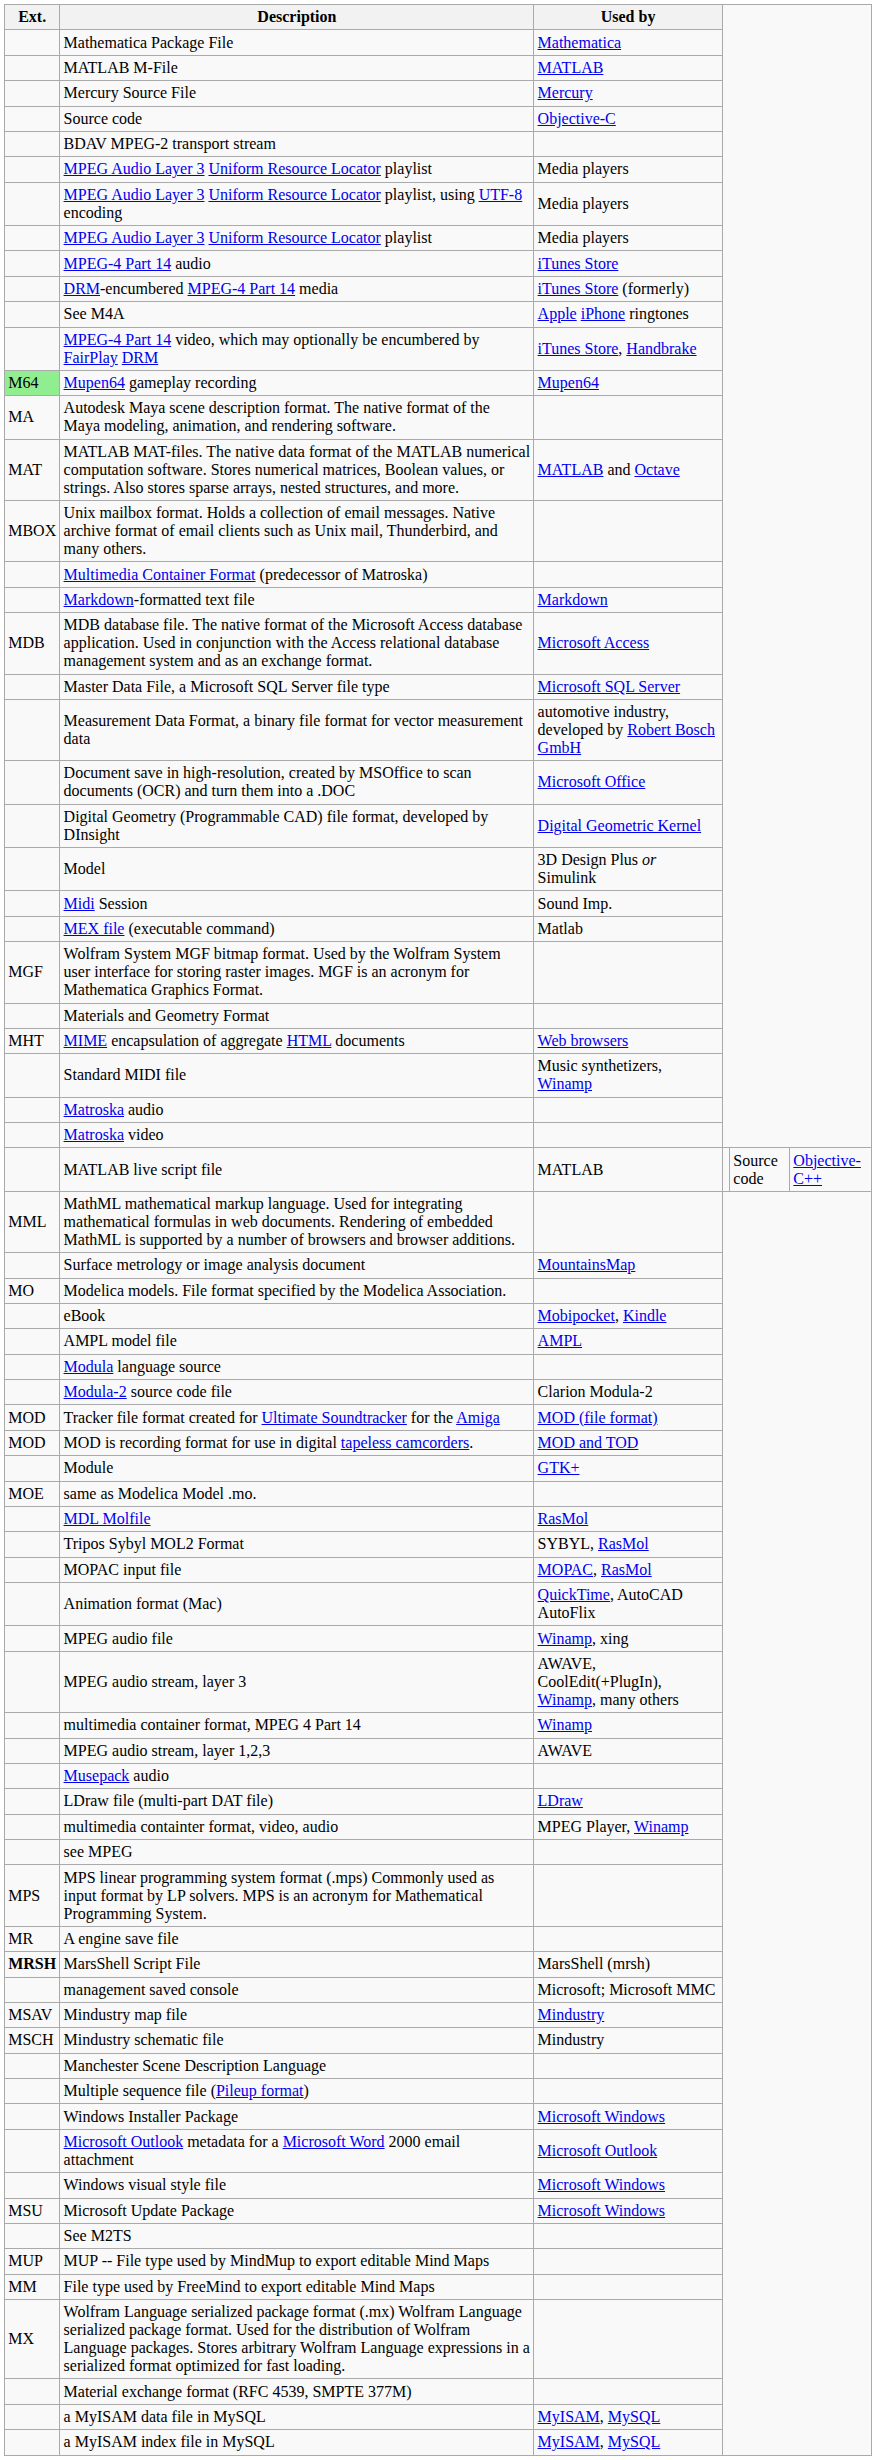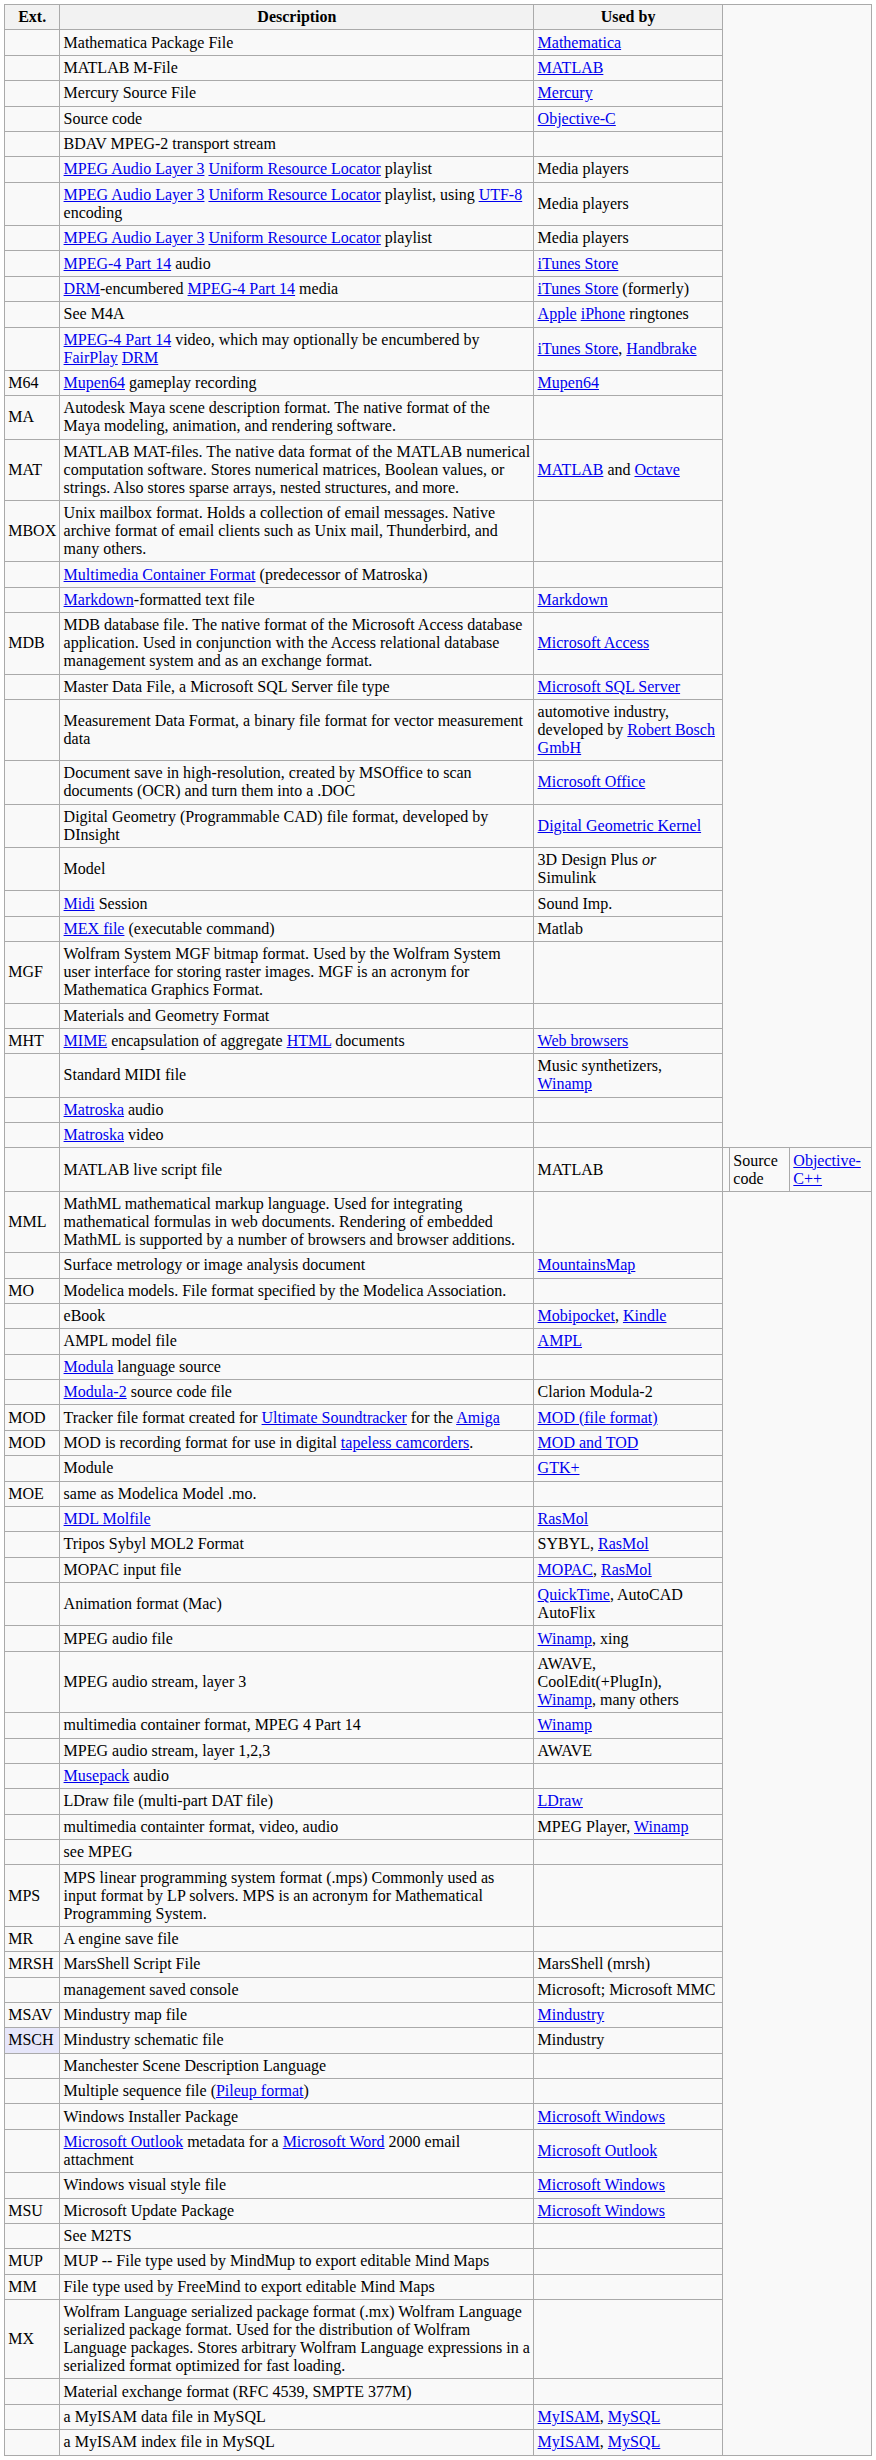 <table class="wikitable">
 <tr>
 <th scope="col">Ext.</th>
 <th scope="col">Description</th>
 <th scope="col">Used by</th>
 </tr>
 <tr>
 <td></td>
 <td>Mathematica Package File</td>
 <td><a href='#'>Mathematica</a></td>
 </tr>
 <tr>
 <td></td>
 <td>MATLAB M-File</td>
 <td><a href='#'>MATLAB</a></td>
 </tr>
 <tr>
 <td></td>
 <td>Mercury Source File</td>
 <td><a href='#'>Mercury</a></td>
 </tr>
 <tr>
 <td></td>
 <td>Source code</td>
 <td><a href='#'>Objective-C</a></td>
 </tr>
 <tr>
 <td></td>
 <td>BDAV MPEG-2 transport stream</td>
 <td></td>
 </tr>
 <tr>
 <td></td>
 <td><a href='#'>MPEG Audio Layer 3</a> <a href='#'>Uniform Resource Locator</a> playlist</td>
 <td>Media players</td>
 </tr>
 <tr>
 <td></td>
 <td><a href='#'>MPEG Audio Layer 3</a> <a href='#'>Uniform Resource Locator</a> playlist, using <a href='#'>UTF-8</a> encoding</td>
 <td>Media players</td>
 </tr>
 <tr>
 <td></td>
 <td><a href='#'>MPEG Audio Layer 3</a> <a href='#'>Uniform Resource Locator</a> playlist</td>
 <td>Media players</td>
 </tr>
 <tr>
 <td></td>
 <td><a href='#'>MPEG-4 Part 14</a> audio</td>
 <td><a href='#'>iTunes Store</a></td>
 </tr>
 <tr>
 <td></td>
 <td><a href='#'>DRM</a>-encumbered <a href='#'>MPEG-4 Part 14</a> media</td>
 <td><a href='#'>iTunes Store</a> (formerly)</td>
 </tr>
 <tr>
 <td></td>
 <td>See M4A</td>
 <td><a href='#'>Apple</a> <a href='#'>iPhone</a> ringtones</td>
 </tr>
 <tr>
 <td></td>
 <td><a href='#'>MPEG-4 Part 14</a> video, which may optionally be encumbered by <a href='#'>FairPlay</a> <a href='#'>DRM</a></td>
 <td><a href='#'>iTunes Store</a>, <a href='#'>Handbrake</a></td>
 </tr>
 <tr>
-<td style="background: lightgreen;">M64</td>
+<td>M64</td>
 <td><a href='#'>Mupen64</a> gameplay recording</td>
 <td><a href='#'>Mupen64</a></td>
 </tr>
 <tr>
 <td>MA</td>
 <td>Autodesk Maya scene description format. The native format of the Maya modeling, animation, and rendering software.</td>
 <td></td>
 </tr>
 <tr>
 <td>MAT</td>
 <td>MATLAB MAT-files. The native data format of the MATLAB numerical computation software. Stores numerical matrices, Boolean values, or strings. Also stores sparse arrays, nested structures, and more.</td>
 <td><a href='#'>MATLAB</a> and <a href='#'>Octave</a></td>
 </tr>
 <tr>
 <td>MBOX</td>
 <td>Unix mailbox format. Holds a collection of email messages. Native archive format of email clients such as Unix mail, Thunderbird, and many others.</td>
 <td></td>
 </tr>
 <tr>
 <td></td>
 <td><a href='#'>Multimedia Container Format</a> (predecessor of Matroska)</td>
 <td></td>
 </tr>
 <tr>
 <td></td>
 <td><a href='#'>Markdown</a>-formatted text file</td>
 <td><a href='#'>Markdown</a></td>
 </tr>
 <tr>
 <td>MDB</td>
 <td>MDB database file. The native format of the Microsoft Access database application. Used in conjunction with the Access relational database management system and as an exchange format.</td>
 <td><a href='#'>Microsoft Access</a></td>
 </tr>
 <tr>
 <td></td>
 <td>Master Data File, a Microsoft SQL Server file type</td>
 <td><a href='#'>Microsoft SQL Server</a></td>
 </tr>
 <tr>
 <td></td>
 <td>Measurement Data Format, a binary file format for vector measurement data</td>
 <td>automotive industry, developed by <a href='#'>Robert Bosch GmbH</a></td>
 </tr>
 <tr>
 <td></td>
 <td>Document save in high-resolution, created by MSOffice to scan documents (OCR) and turn them into a .DOC</td>
 <td><a href='#'>Microsoft Office</a></td>
 </tr>
 <tr>
 <td></td>
 <td>Digital Geometry (Programmable CAD) file format, developed by DInsight</td>
 <td><a href='#'>Digital Geometric Kernel</a></td>
 </tr>
 <tr>
 <td></td>
 <td>Model</td>
 <td>3D Design Plus <em>or</em> Simulink</td>
 </tr>
 <tr>
 <td></td>
 <td><a href='#'>Midi</a> Session</td>
 <td>Sound Imp.</td>
 </tr>
 <tr>
 <td></td>
 <td><a href='#'>MEX file</a> (executable command)</td>
 <td>Matlab</td>
 </tr>
 <tr>
 <td>MGF</td>
 <td>Wolfram System MGF bitmap format. Used by the Wolfram System user interface for storing raster images. MGF is an acronym for Mathematica Graphics Format.</td>
 <td></td>
 </tr>
 <tr>
 <td></td>
 <td>Materials and Geometry Format</td>
 <td></td>
 </tr>
 <tr>
 <td>MHT</td>
 <td><a href='#'>MIME</a> encapsulation of aggregate <a href='#'>HTML</a> documents</td>
 <td><a href='#'>Web browsers</a></td>
 </tr>
 <tr>
 <td></td>
 <td>Standard MIDI file</td>
 <td>Music synthetizers, <a href='#'>Winamp</a></td>
 </tr>
 <tr>
 <td></td>
 <td><a href='#'>Matroska</a> audio</td>
 <td></td>
 </tr>
 <tr>
 <td></td>
 <td><a href='#'>Matroska</a> video</td>
 <td></td>
 </tr>
 <tr>
 <td></td>
 <td>MATLAB live script file</td>
 <td>MATLAB</td>
 <td></td>
 <td>Source code</td>
 <td><a href='#'>Objective-C++</a></td>
 </tr>
 <tr>
 <td>MML</td>
 <td>MathML mathematical markup language. Used for integrating mathematical formulas in web documents. Rendering of embedded MathML is supported by a number of browsers and browser additions.</td>
 <td></td>
 </tr>
 <tr>
 <td></td>
 <td>Surface metrology or image analysis document</td>
 <td><a href='#'>MountainsMap</a></td>
 </tr>
 <tr>
 <td>MO</td>
 <td>Modelica models. File format specified by the Modelica Association.</td>
 <td></td>
 </tr>
 <tr>
 <td></td>
 <td>eBook</td>
 <td><a href='#'>Mobipocket</a>, <a href='#'>Kindle</a></td>
 </tr>
 <tr>
 <td></td>
 <td>AMPL model file</td>
 <td><a href='#'>AMPL</a></td>
 </tr>
 <tr>
 <td></td>
 <td><a href='#'>Modula</a> language source</td>
 <td></td>
 </tr>
 <tr>
 <td></td>
 <td><a href='#'>Modula-2</a> source code file</td>
 <td>Clarion Modula-2</td>
 </tr>
 <tr>
 <td>MOD</td>
 <td>Tracker file format created for <a href='#'>Ultimate Soundtracker</a> for  the <a href='#'>Amiga</a></td>
 <td><a href='#'>MOD (file format)</a></td>
 </tr>
 <tr>
 <td>MOD</td>
 <td>MOD is recording format for use in digital <a href='#'>tapeless camcorders</a>.</td>
 <td><a href='#'>MOD and TOD</a></td>
 </tr>
 <tr>
 <td></td>
 <td>Module</td>
 <td><a href='#'>GTK+</a></td>
 </tr>
 <tr>
 <td>MOE</td>
 <td>same as Modelica Model .mo.</td>
 <td></td>
 </tr>
 <tr>
 <td></td>
 <td><a href='#'>MDL Molfile</a></td>
 <td><a href='#'>RasMol</a></td>
 </tr>
 <tr>
 <td></td>
 <td>Tripos Sybyl MOL2 Format</td>
 <td>SYBYL, <a href='#'>RasMol</a></td>
 </tr>
 <tr>
 <td></td>
 <td>MOPAC input file</td>
 <td><a href='#'>MOPAC</a>, <a href='#'>RasMol</a></td>
 </tr>
 <tr>
 <td></td>
 <td>Animation format (Mac)</td>
 <td><a href='#'>QuickTime</a>, AutoCAD AutoFlix</td>
 </tr>
 <tr>
 <td></td>
 <td>MPEG audio file</td>
 <td><a href='#'>Winamp</a>, xing</td>
 </tr>
 <tr>
 <td></td>
 <td>MPEG audio stream, layer 3</td>
 <td>AWAVE, CoolEdit(+PlugIn), <a href='#'>Winamp</a>, many others</td>
 </tr>
 <tr>
 <td></td>
 <td>multimedia container format, MPEG 4 Part 14</td>
 <td><a href='#'>Winamp</a></td>
 </tr>
 <tr>
 <td></td>
 <td>MPEG audio stream, layer 1,2,3</td>
 <td>AWAVE</td>
 </tr>
 <tr>
 <td></td>
 <td><a href='#'>Musepack</a> audio</td>
 <td></td>
 </tr>
 <tr>
 <td></td>
 <td>LDraw file (multi-part DAT file)</td>
 <td><a href='#'>LDraw</a></td>
 </tr>
 <tr>
 <td></td>
 <td>multimedia containter format, video, audio</td>
 <td>MPEG Player, <a href='#'>Winamp</a></td>
 </tr>
 <tr>
 <td></td>
 <td>see MPEG</td>
 <td></td>
 </tr>
 <tr>
 <td>MPS</td>
 <td>MPS linear programming system format (.mps) Commonly used as input format by LP solvers. MPS is an acronym for Mathematical Programming System.</td>
 <td></td>
 </tr>
 <tr>
 <td>MR</td>
 <td>A  engine save file</td>
 <td></td>
 </tr>
 <tr>
-<td><strong>MRSH</strong></td>
+<td>MRSH</td>
 <td>MarsShell Script File</td>
 <td>MarsShell (mrsh)</td>
 </tr>
 <tr>
 <td></td>
 <td>management saved console</td>
 <td>Microsoft; Microsoft MMC</td>
 </tr>
 <tr>
 <td>MSAV</td>
 <td>Mindustry map file</td>
 <td><a href='#'>Mindustry</a></td>
 </tr>
 <tr>
-<td>MSCH</td>
+<td style="background: lavender;">MSCH</td>
 <td>Mindustry schematic file</td>
 <td>Mindustry</td>
 </tr>
 <tr>
 <td></td>
 <td>Manchester Scene Description Language</td>
 <td></td>
 </tr>
 <tr>
 <td></td>
 <td>Multiple sequence file (<a href='#'>Pileup format</a>)</td>
 <td></td>
 </tr>
 <tr>
 <td></td>
 <td>Windows Installer Package</td>
 <td><a href='#'>Microsoft Windows</a></td>
 </tr>
 <tr>
 <td></td>
 <td><a href='#'>Microsoft Outlook</a> metadata for a <a href='#'>Microsoft Word</a> 2000 email attachment</td>
 <td><a href='#'>Microsoft Outlook</a></td>
 </tr>
 <tr>
 <td></td>
 <td>Windows visual style file</td>
 <td><a href='#'>Microsoft Windows</a></td>
 </tr>
 <tr>
 <td>MSU</td>
 <td>Microsoft Update Package</td>
 <td><a href='#'>Microsoft Windows</a></td>
 </tr>
 <tr>
 <td></td>
 <td>See M2TS</td>
 <td></td>
 </tr>
 <tr>
 <td>MUP</td>
 <td>MUP -- File type used by MindMup to export editable Mind Maps</td>
 <td></td>
 </tr>
 <tr>
 <td>MM</td>
 <td>File type used by FreeMind to export editable Mind Maps</td>
 <td></td>
 </tr>
 <tr>
 <td>MX</td>
 <td>Wolfram Language serialized package format (.mx) Wolfram Language serialized package format. Used for the distribution of Wolfram Language packages. Stores arbitrary Wolfram Language expressions in a serialized format optimized for fast loading.</td>
 <td></td>
 </tr>
 <tr>
 <td></td>
 <td>Material exchange format (RFC 4539, SMPTE 377M)</td>
 <td></td>
 </tr>
 <tr>
 <td></td>
 <td>a MyISAM data file in MySQL</td>
 <td><a href='#'>MyISAM</a>, <a href='#'>MySQL</a></td>
 </tr>
 <tr>
 <td></td>
 <td>a MyISAM index file in MySQL</td>
 <td><a href='#'>MyISAM</a>, <a href='#'>MySQL</a></td>
 </tr>
 <tr>
 </tr>
 </table>
